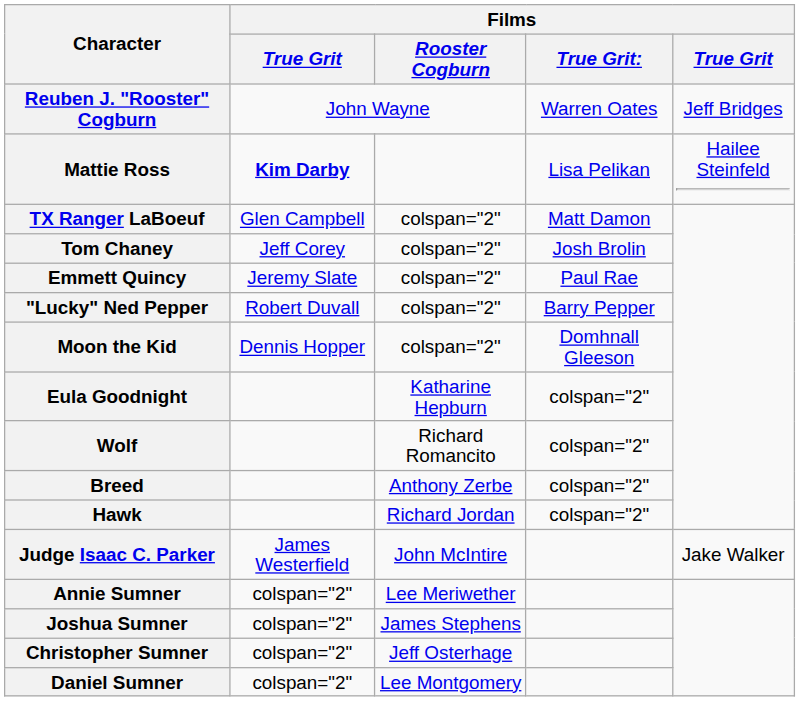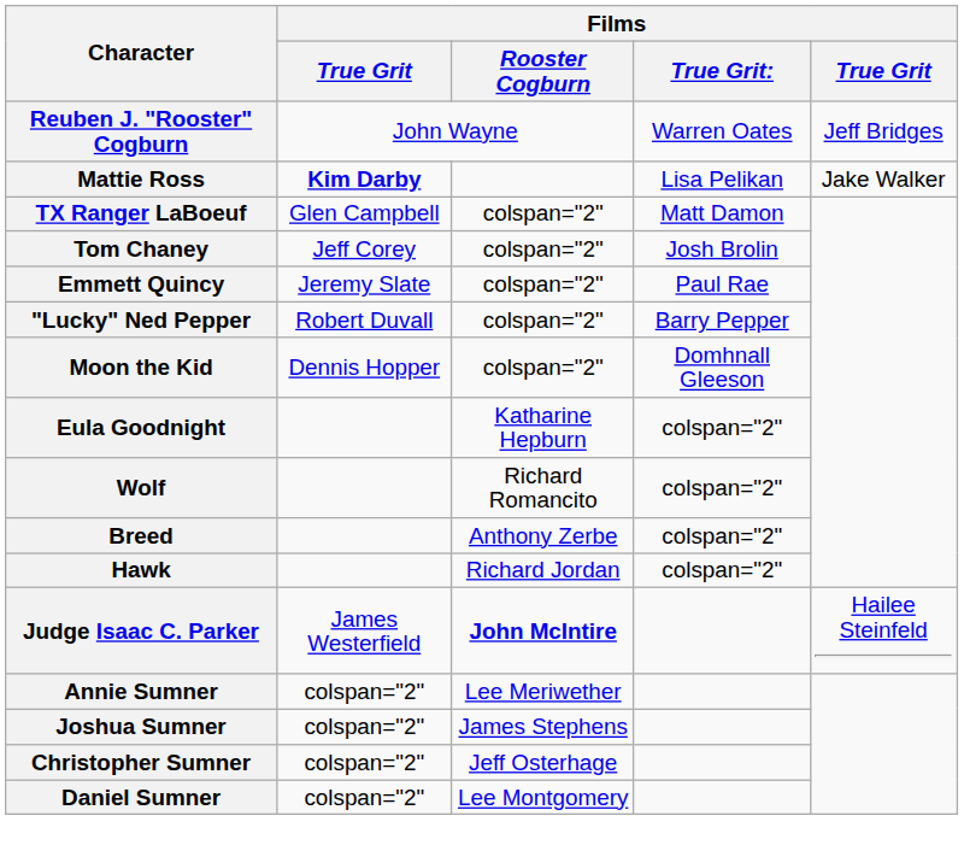 <table class="wikitable" style="text-align:center; width:99%; font-size:92%">
 <tr>
 <th rowspan="2">Character</th>
 <th colspan="4" align="center">Films</th>
 </tr>
 <tr>
 <th align="center"><em><a href='#'>True Grit</a></em> <br></th>
 <th align="center"><em><a href='#'>Rooster Cogburn <br></a></em></th>
 <th align="center"><em><a href='#'>True Grit: <br></a></em></th>
 <th align="center"><em><a href='#'>True Grit</a></em> <br></th>
 </tr>
 <tr>
 <th><a href='#'>Reuben J. "Rooster" Cogburn</a></th>
 <td colspan="2"><a href='#'>John Wayne</a></td>
 <td><a href='#'>Warren Oates</a></td>
 <td><a href='#'>Jeff Bridges</a></td>
 </tr>
 <tr>
 <th>Mattie Ross</th>
 <td><strong><a href='#'>Kim Darby</a></strong></td>
 <td></td>
 <td><a href='#'>Lisa Pelikan</a></td>
-<td><a href='#'>Hailee Steinfeld</a> <hr></td>
+<td>Jake Walker</td>
 </tr>
 <tr>
 <th><a href='#'>TX Ranger</a> LaBoeuf</th>
 <td><a href='#'>Glen Campbell</a></td>
 <td>colspan="2" </td>
 <td><a href='#'>Matt Damon</a></td>
 </tr>
 <tr>
 <th>Tom Chaney</th>
 <td><a href='#'>Jeff Corey</a></td>
 <td>colspan="2" </td>
 <td><a href='#'>Josh Brolin</a></td>
 </tr>
 <tr>
 <th>Emmett Quincy</th>
 <td><a href='#'>Jeremy Slate</a></td>
 <td>colspan="2" </td>
 <td><a href='#'>Paul Rae</a></td>
 </tr>
 <tr>
 <th>"Lucky" Ned Pepper</th>
 <td><a href='#'>Robert Duvall</a></td>
 <td>colspan="2" </td>
 <td><a href='#'>Barry Pepper</a></td>
 </tr>
 <tr>
 <th>Moon the Kid</th>
 <td><a href='#'>Dennis Hopper</a></td>
 <td>colspan="2" </td>
 <td><a href='#'>Domhnall Gleeson</a></td>
 </tr>
 <tr>
 <th>Eula Goodnight</th>
 <td></td>
 <td><a href='#'>Katharine Hepburn</a></td>
 <td>colspan="2" </td>
 </tr>
 <tr>
 <th>Wolf</th>
 <td></td>
 <td>Richard Romancito</td>
 <td>colspan="2" </td>
 </tr>
 <tr>
 <th>Breed</th>
 <td></td>
 <td><a href='#'>Anthony Zerbe</a></td>
 <td>colspan="2" </td>
 </tr>
 <tr>
 <th>Hawk</th>
 <td></td>
 <td><a href='#'>Richard Jordan</a></td>
 <td>colspan="2" </td>
 </tr>
 <tr>
 <th>Judge <a href='#'>Isaac C. Parker</a></th>
 <td><a href='#'>James Westerfield</a></td>
-<td><a href='#'>John McIntire</a></td>
+<td><strong><a href='#'>John McIntire</a></strong></td>
 <td></td>
-<td>Jake Walker</td>
+<td><a href='#'>Hailee Steinfeld</a> <hr></td>
 </tr>
 <tr>
 <th>Annie Sumner</th>
 <td>colspan="2" </td>
 <td><a href='#'>Lee Meriwether</a></td>
 <td></td>
 </tr>
 <tr>
 <th>Joshua Sumner</th>
 <td>colspan="2" </td>
 <td><a href='#'>James Stephens</a></td>
 <td></td>
 </tr>
 <tr>
 <th>Christopher Sumner</th>
 <td>colspan="2" </td>
 <td><a href='#'>Jeff Osterhage</a></td>
 <td></td>
 </tr>
 <tr>
 <th>Daniel Sumner</th>
 <td>colspan="2" </td>
 <td><a href='#'>Lee Montgomery</a></td>
 <td></td>
 </tr>
 </table>
